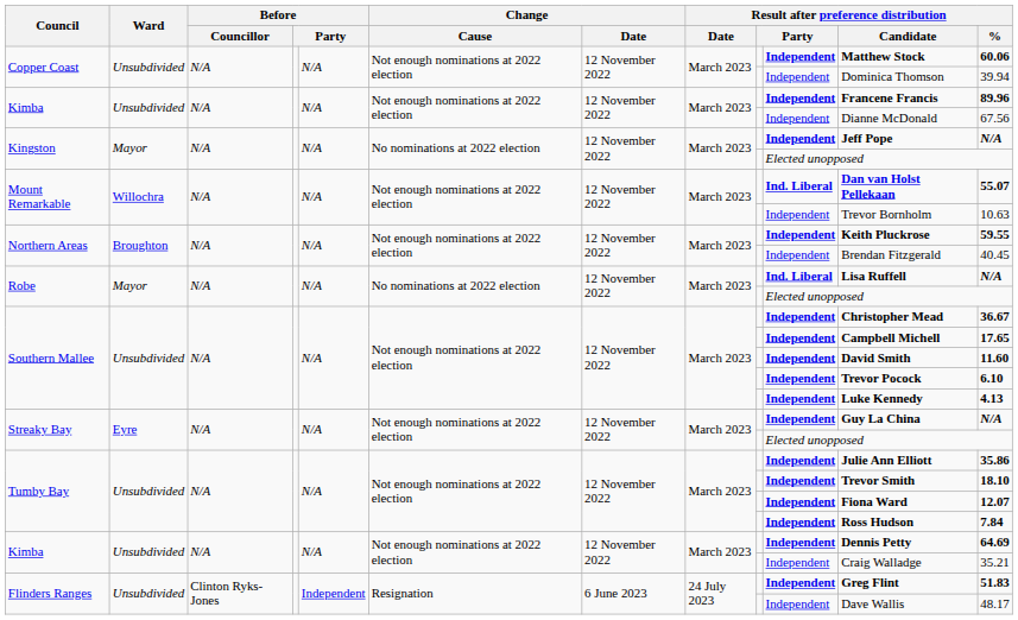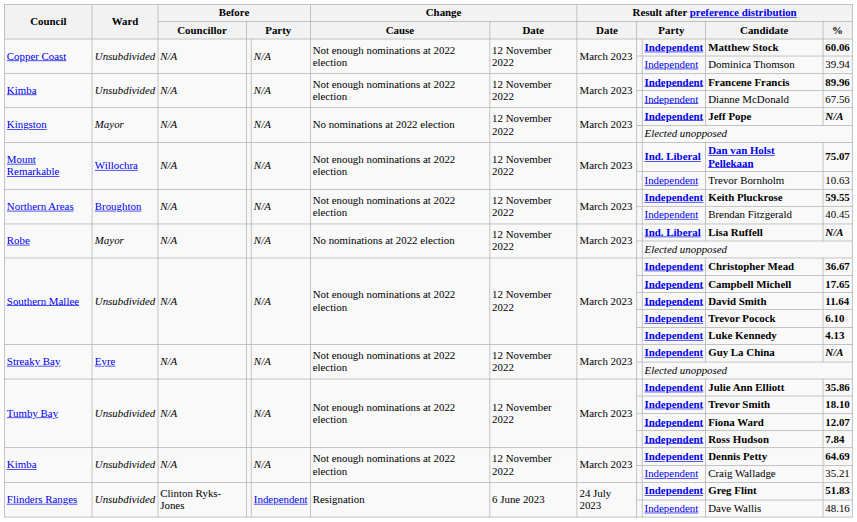 <table class="wikitable sortable" style="border: none;">
 <tr>
 <th rowspan="2">Council</th>
 <th rowspan="2">Ward</th>
 <th colspan="3">Before</th>
 <th colspan="2">Change</th>
 <th colspan="7">Result after <a href='#'>preference distribution</a></th>
 </tr>
 <tr>
 <th>Councillor</th>
 <th colspan="2">Party</th>
 <th>Cause</th>
 <th>Date</th>
 <th>Date</th>
 <th colspan="2">Party</th>
 <th>Candidate</th>
 <th>%</th>
 </tr>
 <tr>
 <td rowspan="2"><a href='#'>Copper Coast</a></td>
 <td rowspan="2"><em>Unsubdivided</em></td>
 <td rowspan="2"><em>N/A</em></td>
 <td rowspan="2" ></td>
 <td rowspan="2"><em>N/A</em></td>
 <td rowspan="2">Not enough nominations at 2022 election</td>
 <td rowspan="2">12 November 2022</td>
 <td rowspan="2">March 2023</td>
 <td></td>
 <td><strong><a href='#'>Independent</a></strong></td>
 <td><strong>Matthew Stock</strong></td>
 <td><strong>60.06</strong></td>
 </tr>
 <tr>
 <td></td>
 <td><a href='#'>Independent</a></td>
 <td>Dominica Thomson</td>
 <td>39.94</td>
 </tr>
 <tr>
 <td rowspan="2"><a href='#'>Kimba</a></td>
 <td rowspan="2"><em>Unsubdivided</em></td>
 <td rowspan="2"><em>N/A</em></td>
 <td rowspan="2" ></td>
 <td rowspan="2"><em>N/A</em></td>
 <td rowspan="2">Not enough nominations at 2022 election</td>
 <td rowspan="2">12 November 2022</td>
 <td rowspan="2">March 2023</td>
 <td></td>
 <td><strong><a href='#'>Independent</a></strong></td>
 <td><strong>Francene Francis</strong></td>
 <td><strong>89.96</strong></td>
 </tr>
 <tr>
 <td></td>
 <td><a href='#'>Independent</a></td>
 <td>Dianne McDonald</td>
 <td>67.56</td>
 </tr>
 <tr>
 <td rowspan="2"><a href='#'>Kingston</a></td>
 <td rowspan="2"><em>Mayor</em></td>
 <td rowspan="2"><em>N/A</em></td>
 <td rowspan="2" ></td>
 <td rowspan="2"><em>N/A</em></td>
 <td rowspan="2">No nominations at 2022 election</td>
 <td rowspan="2">12 November 2022</td>
 <td rowspan="2">March 2023</td>
 <td></td>
 <td><strong><a href='#'>Independent</a></strong></td>
 <td><strong>Jeff Pope</strong></td>
 <td><strong><em>N/A</em></strong></td>
 </tr>
 <tr>
 <td></td>
 <td colspan="3"><em>Elected unopposed</em></td>
 </tr>
 <tr>
 <td rowspan="2"><a href='#'>Mount Remarkable</a></td>
 <td rowspan="2"><a href='#'>Willochra</a></td>
 <td rowspan="2"><em>N/A</em></td>
 <td rowspan="2" ></td>
 <td rowspan="2"><em>N/A</em></td>
 <td rowspan="2">Not enough nominations at 2022 election</td>
 <td rowspan="2">12 November 2022</td>
 <td rowspan="2">March 2023</td>
 <td></td>
 <td><strong><a href='#'>Ind. Liberal</a></strong></td>
 <td><strong><a href='#'>Dan van Holst Pellekaan</a></strong></td>
-<td><strong>55.07</strong></td>
+<td><strong>75.07</strong></td>
 </tr>
 <tr>
 <td></td>
 <td><a href='#'>Independent</a></td>
 <td>Trevor Bornholm</td>
 <td>10.63</td>
 </tr>
 <tr>
 <td rowspan="2"><a href='#'>Northern Areas</a></td>
 <td rowspan="2"><a href='#'>Broughton</a></td>
 <td rowspan="2"><em>N/A</em></td>
 <td rowspan="2" ></td>
 <td rowspan="2"><em>N/A</em></td>
 <td rowspan="2">Not enough nominations at 2022 election</td>
 <td rowspan="2">12 November 2022</td>
 <td rowspan="2">March 2023</td>
 <td></td>
 <td><strong><a href='#'>Independent</a></strong></td>
 <td><strong>Keith Pluckrose</strong></td>
 <td><strong>59.55</strong></td>
 </tr>
 <tr>
 <td></td>
 <td><a href='#'>Independent</a></td>
 <td>Brendan Fitzgerald</td>
 <td>40.45</td>
 </tr>
 <tr>
 <td rowspan="2"><a href='#'>Robe</a></td>
 <td rowspan="2"><em>Mayor</em></td>
 <td rowspan="2"><em>N/A</em></td>
 <td rowspan="2" ></td>
 <td rowspan="2"><em>N/A</em></td>
 <td rowspan="2">No nominations at 2022 election</td>
 <td rowspan="2">12 November 2022</td>
 <td rowspan="2">March 2023</td>
 <td></td>
 <td><strong><a href='#'>Ind. Liberal</a></strong></td>
 <td><strong>Lisa Ruffell</strong></td>
 <td><strong><em>N/A</em></strong></td>
 </tr>
 <tr>
 <td></td>
 <td colspan="3"><em>Elected unopposed</em></td>
 </tr>
 <tr>
 <td rowspan="5"><a href='#'>Southern Mallee</a></td>
 <td rowspan="5"><em>Unsubdivided</em></td>
 <td rowspan="5"><em>N/A</em></td>
 <td rowspan="5" ></td>
 <td rowspan="5"><em>N/A</em></td>
 <td rowspan="5">Not enough nominations at 2022 election</td>
 <td rowspan="5">12 November 2022</td>
 <td rowspan="5">March 2023</td>
 <td></td>
 <td><strong><a href='#'>Independent</a></strong></td>
 <td><strong>Christopher Mead</strong></td>
 <td><strong>36.67</strong></td>
 </tr>
 <tr>
 <td></td>
 <td><strong><a href='#'>Independent</a></strong></td>
 <td><strong>Campbell Michell</strong></td>
 <td><strong>17.65</strong></td>
 </tr>
 <tr>
 <td></td>
 <td><strong><a href='#'>Independent</a></strong></td>
 <td><strong>David Smith</strong></td>
-<td><strong>11.60</strong></td>
+<td><strong>11.64</strong></td>
 </tr>
 <tr>
 <td></td>
 <td><strong><a href='#'>Independent</a></strong></td>
 <td><strong>Trevor Pocock</strong></td>
 <td><strong>6.10</strong></td>
 </tr>
 <tr>
 <td></td>
 <td><strong><a href='#'>Independent</a></strong></td>
 <td><strong>Luke Kennedy</strong></td>
 <td><strong>4.13</strong></td>
 </tr>
 <tr>
 <td rowspan="2"><a href='#'>Streaky Bay</a></td>
 <td rowspan="2"><a href='#'>Eyre</a></td>
 <td rowspan="2"><em>N/A</em></td>
 <td rowspan="2" ></td>
 <td rowspan="2"><em>N/A</em></td>
 <td rowspan="2">Not enough nominations at 2022 election</td>
 <td rowspan="2">12 November 2022</td>
 <td rowspan="2">March 2023</td>
 <td></td>
 <td><strong><a href='#'>Independent</a></strong></td>
 <td><strong>Guy La China</strong></td>
 <td><strong><em>N/A</em></strong></td>
 </tr>
 <tr>
 <td></td>
 <td colspan="3"><em>Elected unopposed</em></td>
 </tr>
 <tr>
 <td rowspan="4"><a href='#'>Tumby Bay</a></td>
 <td rowspan="4"><em>Unsubdivided</em></td>
 <td rowspan="4"><em>N/A</em></td>
 <td rowspan="4" ></td>
 <td rowspan="4"><em>N/A</em></td>
 <td rowspan="4">Not enough nominations at 2022 election</td>
 <td rowspan="4">12 November 2022</td>
 <td rowspan="4">March 2023</td>
 <td></td>
 <td><strong><a href='#'>Independent</a></strong></td>
 <td><strong>Julie Ann Elliott</strong></td>
 <td><strong>35.86</strong></td>
 </tr>
 <tr>
 <td></td>
 <td><strong><a href='#'>Independent</a></strong></td>
 <td><strong>Trevor Smith</strong></td>
 <td><strong>18.10</strong></td>
 </tr>
 <tr>
 <td></td>
 <td><strong><a href='#'>Independent</a></strong></td>
 <td><strong>Fiona Ward</strong></td>
 <td><strong>12.07</strong></td>
 </tr>
 <tr>
 <td></td>
 <td><strong><a href='#'>Independent</a></strong></td>
 <td><strong>Ross Hudson</strong></td>
 <td><strong>7.84</strong></td>
 </tr>
 <tr>
 <td rowspan="2"><a href='#'>Kimba</a></td>
 <td rowspan="2"><em>Unsubdivided</em></td>
 <td rowspan="2"><em>N/A</em></td>
 <td rowspan="2" ></td>
 <td rowspan="2"><em>N/A</em></td>
 <td rowspan="2">Not enough nominations at 2022 election</td>
 <td rowspan="2">12 November 2022</td>
 <td rowspan="2">March 2023</td>
 <td></td>
 <td><strong><a href='#'>Independent</a></strong></td>
 <td><strong>Dennis Petty</strong></td>
 <td><strong>64.69</strong></td>
 </tr>
 <tr>
 <td></td>
 <td><a href='#'>Independent</a></td>
 <td>Craig Walladge</td>
 <td>35.21</td>
 </tr>
 <tr>
 <td rowspan="2"><a href='#'>Flinders Ranges</a></td>
 <td rowspan="2"><em>Unsubdivided</em></td>
 <td rowspan="2">Clinton Ryks-Jones</td>
 <td rowspan="2" ></td>
 <td rowspan="2"><a href='#'>Independent</a></td>
 <td rowspan="2">Resignation</td>
 <td rowspan="2">6 June 2023</td>
 <td rowspan="2">24 July 2023</td>
 <td></td>
 <td><strong><a href='#'>Independent</a></strong></td>
 <td><strong>Greg Flint</strong></td>
 <td><strong>51.83</strong></td>
 </tr>
 <tr>
 <td></td>
 <td><a href='#'>Independent</a></td>
 <td>Dave Wallis</td>
-<td>48.17</td>
+<td>48.16</td>
 </tr>
 </table>
